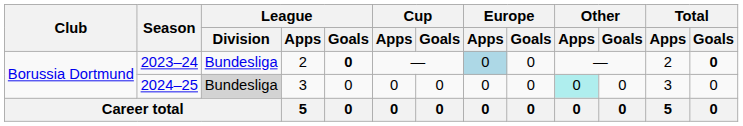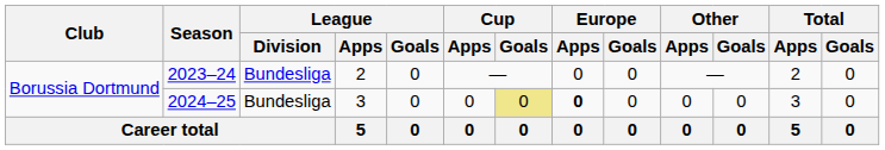 <table class="wikitable" style="text-align:center">
 <tr>
 <th rowspan="2">Club</th>
 <th rowspan="2">Season</th>
 <th colspan="3">League</th>
 <th colspan="2">Cup</th>
 <th colspan="2">Europe</th>
 <th colspan="2">Other</th>
 <th colspan="2">Total</th>
 </tr>
 <tr>
 <th>Division</th>
 <th>Apps</th>
 <th>Goals</th>
 <th>Apps</th>
 <th>Goals</th>
 <th>Apps</th>
 <th>Goals</th>
 <th>Apps</th>
 <th>Goals</th>
 <th>Apps</th>
 <th>Goals</th>
 </tr>
 <tr>
 <td rowspan="2"><a href='#'>Borussia Dortmund</a></td>
 <td><a href='#'>2023–24</a></td>
 <td><a href='#'>Bundesliga</a></td>
 <td>2</td>
-<td><strong>0</strong></td>
+<td>0</td>
 <td colspan="2">—</td>
-<td style="background: lightblue;">0</td>
+<td>0</td>
 <td>0</td>
 <td colspan="2">—</td>
 <td>2</td>
-<td><strong>0</strong></td>
+<td>0</td>
 </tr>
 <tr>
 <td><a href='#'>2024–25</a></td>
-<td style="background: lightgrey;">Bundesliga</td>
+<td>Bundesliga</td>
 <td>3</td>
 <td>0</td>
 <td>0</td>
+<td style="background: khaki;">0</td>
+<td><strong>0</strong></td>
 <td>0</td>
 <td>0</td>
-<td>0</td>
-<td style="background: paleturquoise;">0</td>
 <td>0</td>
 <td>3</td>
 <td>0</td>
 </tr>
 <tr>
 <th colspan="3">Career total</th>
 <th>5</th>
 <th>0</th>
 <th>0</th>
 <th>0</th>
 <th>0</th>
 <th>0</th>
 <th>0</th>
 <th>0</th>
 <th>5</th>
 <th>0</th>
 </tr>
 </table>
